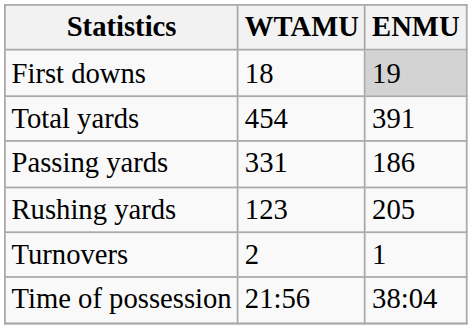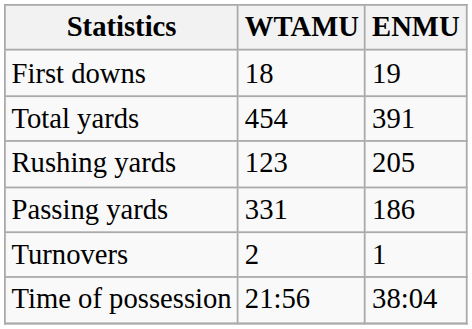 <table class="wikitable">
 <tr>
 <th>Statistics</th>
 <th>WTAMU</th>
 <th>ENMU</th>
 </tr>
 <tr>
 <td>First downs</td>
 <td>18</td>
-<td style="background: lightgrey;">19</td>
+<td>19</td>
 </tr>
 <tr>
 <td>Total yards</td>
 <td>454</td>
 <td>391</td>
 </tr>
 <tr>
+<td>Rushing yards</td>
+<td>123</td>
+<td>205</td>
+</tr>
+<tr>
 <td>Passing yards</td>
 <td>331</td>
 <td>186</td>
-</tr>
-<tr>
-<td>Rushing yards</td>
-<td>123</td>
-<td>205</td>
 </tr>
 <tr>
 <td>Turnovers</td>
 <td>2</td>
 <td>1</td>
 </tr>
 <tr>
 <td>Time of possession</td>
 <td>21:56</td>
 <td>38:04</td>
 </tr>
 <tr>
 </tr>
 </table>
